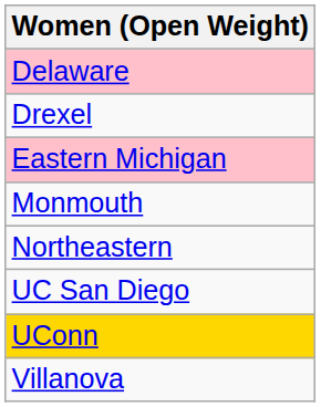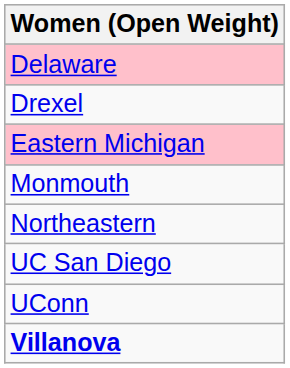 <table class="wikitable">
 <tr>
 <th>Women (Open Weight)</th>
 </tr>
 <tr bgcolor=pink>
 <td><a href='#'>Delaware</a></td>
 </tr>
 <tr>
 <td><a href='#'>Drexel</a></td>
 </tr>
 <tr bgcolor=pink>
 <td><a href='#'>Eastern Michigan</a></td>
 </tr>
 <tr>
 <td><a href='#'>Monmouth</a></td>
 </tr>
 <tr>
 <td><a href='#'>Northeastern</a></td>
 </tr>
 <tr>
 <td><a href='#'>UC San Diego</a></td>
 </tr>
 <tr>
-<td style="background: gold;"><a href='#'>UConn</a></td>
+<td><a href='#'>UConn</a></td>
 </tr>
 <tr>
-<td><a href='#'>Villanova</a></td>
+<td><strong><a href='#'>Villanova</a></strong></td>
 </tr>
 </table>
